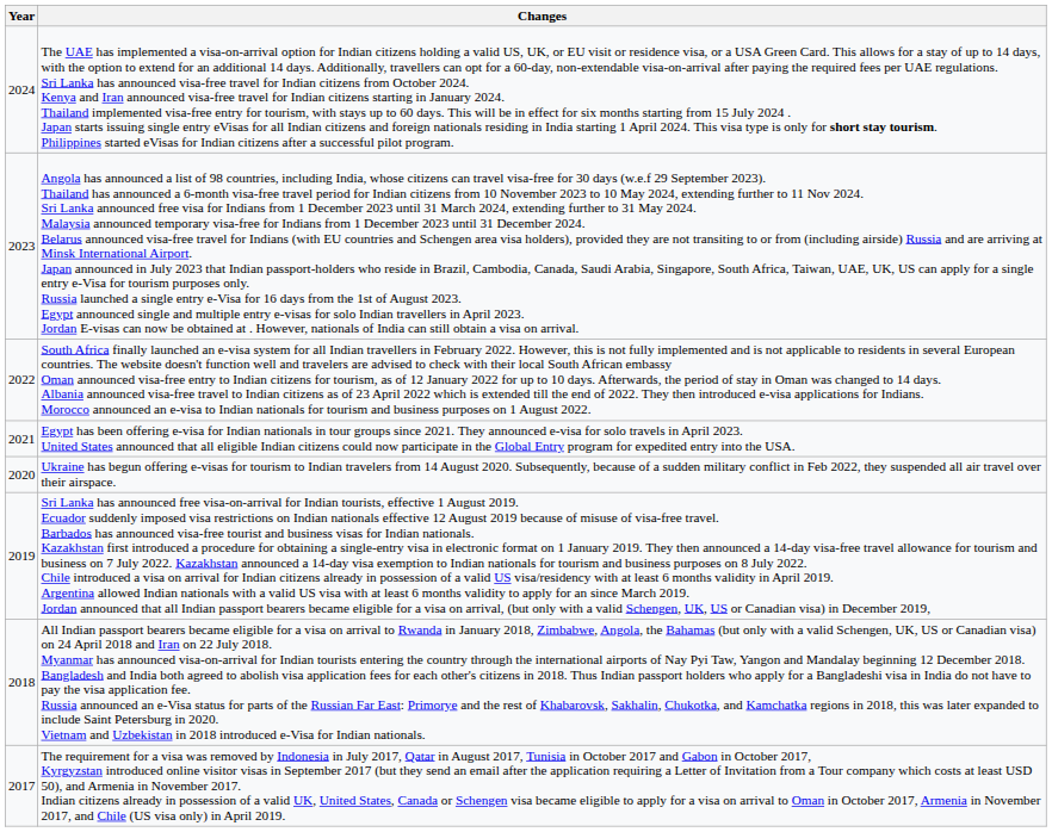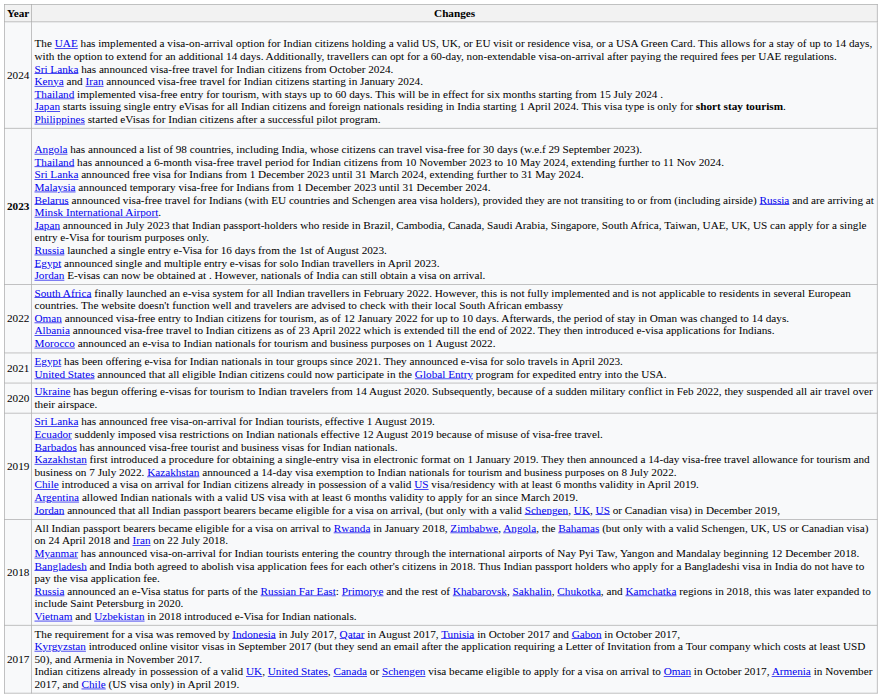 <table class="wikitable sticky-header mw-collapsible mw-collapsed" style="background:#f8f9faff;">
 <tr>
 <th>Year</th>
 <th>Changes</th>
 </tr>
 <tr>
 <td>2024</td>
 <td><br>The <a href='#'>UAE</a> has implemented a visa-on-arrival option for Indian citizens holding a valid US, UK, or EU visit or residence visa, or a USA Green Card. This allows for a stay of up to 14 days, with the option to extend for an additional 14 days. Additionally, travellers can opt for a 60-day, non-extendable visa-on-arrival after paying the required fees per UAE regulations.<br><a href='#'>Sri Lanka</a> has announced visa-free travel for Indian citizens from October 2024.<br><a href='#'>Kenya</a> and <a href='#'>Iran</a> announced visa-free travel for Indian citizens starting in January 2024.<br><a href='#'>Thailand</a> implemented visa-free entry for tourism, with stays up to 60 days. This will be in effect for six months starting from 15 July 2024 .<br><a href='#'>Japan</a> starts issuing single entry eVisas for all Indian citizens and foreign nationals residing in India starting 1 April 2024. This visa type is only for <strong>short stay tourism</strong>.<br><a href='#'>Philippines</a> started eVisas for Indian citizens after a successful pilot program.</td>
 </tr>
 <tr>
-<td>2023</td>
+<td><strong>2023</strong></td>
 <td><br><a href='#'>Angola</a> has announced a list of 98 countries, including India, whose citizens can travel visa-free for 30 days (w.e.f 29 September 2023).<br><a href='#'>Thailand</a> has announced a 6-month visa-free travel period for Indian citizens from 10 November 2023 to 10 May 2024, extending further to 11 Nov 2024.<br><a href='#'>Sri Lanka</a> announced free visa for Indians from 1 December 2023 until 31 March 2024, extending further to 31 May 2024.<br><a href='#'>Malaysia</a> announced temporary visa-free for Indians from 1 December 2023 until 31 December 2024.<br><a href='#'>Belarus</a> announced visa-free travel for Indians (with EU countries and Schengen area visa holders), provided they are not transiting to or from (including airside) <a href='#'>Russia</a> and are arriving at <a href='#'>Minsk International Airport</a>.<br><a href='#'>Japan</a> announced in July 2023 that Indian passport-holders who reside in Brazil, Cambodia, Canada, Saudi Arabia, Singapore, South Africa, Taiwan, UAE, UK, US can apply for a single entry e-Visa for tourism purposes only.<br><a href='#'>Russia</a> launched a single entry e-Visa for 16 days from the 1st of August 2023.<br><a href='#'>Egypt</a> announced single and multiple entry e-visas for solo Indian travellers in April 2023.<br><a href='#'>Jordan</a> E-visas can now be obtained at . However, nationals of India can still obtain a visa on arrival.</td>
 </tr>
 <tr>
 <td>2022</td>
 <td><a href='#'>South Africa</a> finally launched an e-visa system for all Indian travellers in February 2022. However, this is not fully implemented and is not applicable to residents in several European countries. The website doesn't function well and travelers are advised to check with their local South African embassy<br><a href='#'>Oman</a> announced visa-free entry to Indian citizens for tourism, as of 12 January 2022 for up to 10 days. Afterwards, the period of stay in Oman was changed to 14 days.<br><a href='#'>Albania</a> announced visa-free travel to Indian citizens as of 23 April 2022 which is extended till the end of 2022.  They then introduced e-visa applications for Indians.<br><a href='#'>Morocco</a> announced an e-visa to Indian nationals for tourism and business purposes on 1 August 2022.</td>
 </tr>
 <tr>
 <td>2021</td>
 <td><a href='#'>Egypt</a> has been offering e-visa for Indian nationals in tour groups since 2021. They announced e-visa for solo travels in April 2023.<br><a href='#'>United States</a> announced that all eligible Indian citizens could now participate in the <a href='#'>Global Entry</a> program for expedited entry into the USA.</td>
 </tr>
 <tr>
 <td>2020</td>
 <td><a href='#'>Ukraine</a> has begun offering e-visas for tourism to Indian travelers from 14 August 2020. Subsequently, because of a sudden military conflict in Feb 2022, they suspended all air travel over their airspace.</td>
 </tr>
 <tr>
 <td>2019</td>
 <td><a href='#'>Sri Lanka</a> has announced free visa-on-arrival for Indian tourists, effective 1 August 2019.<br><a href='#'>Ecuador</a> suddenly imposed visa restrictions on Indian nationals effective 12 August 2019 because of misuse of visa-free travel.<br><a href='#'>Barbados</a> has announced visa-free tourist and business visas for Indian nationals.<br><a href='#'>Kazakhstan</a> first introduced a procedure for obtaining a single-entry visa in electronic format on 1 January 2019. They then announced a 14-day visa-free travel allowance for tourism and business on 7 July 2022. <a href='#'>Kazakhstan</a> announced a 14-day visa exemption to Indian nationals for tourism and business purposes on 8 July 2022.<br><a href='#'>Chile</a> introduced a visa on arrival for Indian citizens already in possession of a valid <a href='#'>US</a> visa/residency with at least 6 months validity in April 2019.<br><a href='#'>Argentina</a> allowed Indian nationals with a valid US visa with at least 6 months validity to apply for an  since March 2019.<br><a href='#'>Jordan</a> announced that all Indian passport bearers became eligible for a visa on arrival,  (but only with a valid <a href='#'>Schengen</a>, <a href='#'>UK</a>, <a href='#'>US</a> or Canadian visa) in December 2019,</td>
 </tr>
 <tr>
 <td>2018</td>
 <td>All Indian passport bearers became eligible for a visa on arrival to  <a href='#'>Rwanda</a> in January 2018, <a href='#'>Zimbabwe</a>, <a href='#'>Angola</a>, the <a href='#'>Bahamas</a> (but only with a valid Schengen, UK, US or Canadian visa) on 24 April 2018 and <a href='#'>Iran</a> on 22 July 2018.<br><a href='#'>Myanmar</a> has announced visa-on-arrival for Indian tourists entering the country through the international airports of Nay Pyi Taw, Yangon and Mandalay beginning 12 December 2018.<br><a href='#'>Bangladesh</a> and India both agreed to abolish visa application fees for each other's citizens in 2018. Thus Indian passport holders who apply for a Bangladeshi visa in India do not have to pay the visa application fee.<br><a href='#'>Russia</a> announced an e-Visa status for parts of the <a href='#'>Russian Far East</a>: <a href='#'>Primorye</a> and the rest of <a href='#'>Khabarovsk</a>, <a href='#'>Sakhalin</a>, <a href='#'>Chukotka</a>, and <a href='#'>Kamchatka</a> regions in 2018, this was later expanded to include Saint Petersburg in 2020.<br><a href='#'>Vietnam</a> and <a href='#'>Uzbekistan</a> in 2018 introduced e-Visa for Indian nationals.</td>
 </tr>
 <tr>
 <td>2017</td>
 <td>The requirement for a visa was removed by <a href='#'>Indonesia</a> in July 2017, <a href='#'>Qatar</a> in August 2017, <a href='#'>Tunisia</a> in October 2017 and <a href='#'>Gabon</a> in October 2017,<br><a href='#'>Kyrgyzstan</a> introduced online visitor visas in September 2017 (but they send an email after the application requiring a Letter of Invitation from a Tour company which costs at least USD 50), and Armenia in November 2017.<br>Indian citizens already in possession of a valid <a href='#'>UK</a>, <a href='#'>United States</a>, <a href='#'>Canada</a> or <a href='#'>Schengen</a> visa became eligible to apply for a visa on arrival to <a href='#'>Oman</a> in October 2017, <a href='#'>Armenia</a> in November 2017, and <a href='#'>Chile</a> (US visa only) in April 2019.</td>
 </tr>
 </table>
